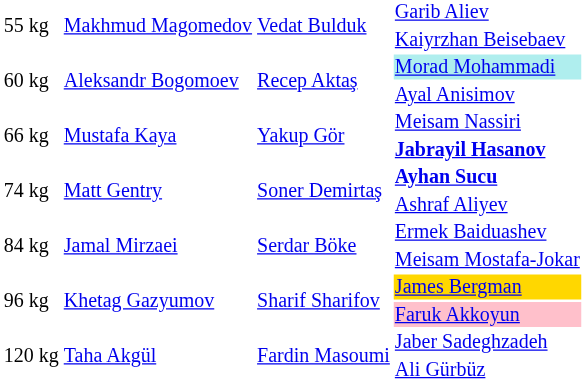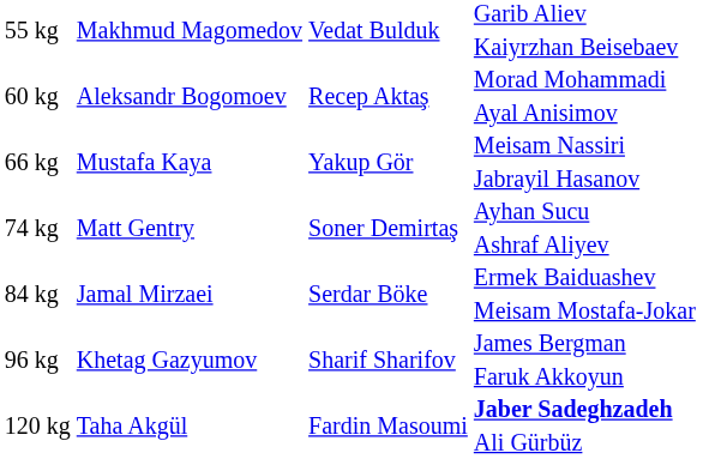 <table>
 <tr>
 <td rowspan=2>55 kg</td>
 <td rowspan=2> <a href='#'>Makhmud Magomedov</a></td>
 <td rowspan=2> <a href='#'>Vedat Bulduk</a></td>
 <td> <a href='#'>Garib Aliev</a></td>
 </tr>
 <tr>
 <td> <a href='#'>Kaiyrzhan Beisebaev</a></td>
 </tr>
 <tr>
 <td rowspan=2>60 kg</td>
 <td rowspan=2> <a href='#'>Aleksandr Bogomoev</a></td>
 <td rowspan=2> <a href='#'>Recep Aktaş</a></td>
-<td style="background: paleturquoise;"> <a href='#'>Morad Mohammadi</a></td>
+<td> <a href='#'>Morad Mohammadi</a></td>
 </tr>
 <tr>
 <td> <a href='#'>Ayal Anisimov</a></td>
 </tr>
 <tr>
 <td rowspan=2>66 kg</td>
 <td rowspan=2> <a href='#'>Mustafa Kaya</a></td>
 <td rowspan=2> <a href='#'>Yakup Gör</a></td>
 <td> <a href='#'>Meisam Nassiri</a></td>
 </tr>
 <tr>
-<td><strong> <a href='#'>Jabrayil Hasanov</a></strong></td>
+<td> <a href='#'>Jabrayil Hasanov</a></td>
 </tr>
 <tr>
 <td rowspan=2>74 kg</td>
 <td rowspan=2> <a href='#'>Matt Gentry</a></td>
 <td rowspan=2> <a href='#'>Soner Demirtaş</a></td>
-<td><strong> <a href='#'>Ayhan Sucu</a></strong></td>
+<td> <a href='#'>Ayhan Sucu</a></td>
 </tr>
 <tr>
 <td> <a href='#'>Ashraf Aliyev</a></td>
 </tr>
 <tr>
 <td rowspan=2>84 kg</td>
 <td rowspan=2> <a href='#'>Jamal Mirzaei</a></td>
 <td rowspan=2> <a href='#'>Serdar Böke</a></td>
 <td> <a href='#'>Ermek Baiduashev</a></td>
 </tr>
 <tr>
 <td> <a href='#'>Meisam Mostafa-Jokar</a></td>
 </tr>
 <tr>
 <td rowspan=2>96 kg</td>
 <td rowspan=2> <a href='#'>Khetag Gazyumov</a></td>
 <td rowspan=2> <a href='#'>Sharif Sharifov</a></td>
-<td style="background: gold;"> <a href='#'>James Bergman</a></td>
+<td> <a href='#'>James Bergman</a></td>
 </tr>
 <tr>
-<td style="background: pink;"> <a href='#'>Faruk Akkoyun</a></td>
+<td> <a href='#'>Faruk Akkoyun</a></td>
 </tr>
 <tr>
 <td rowspan=2>120 kg</td>
 <td rowspan=2> <a href='#'>Taha Akgül</a></td>
 <td rowspan=2> <a href='#'>Fardin Masoumi</a></td>
-<td> <a href='#'>Jaber Sadeghzadeh</a></td>
+<td><strong> <a href='#'>Jaber Sadeghzadeh</a></strong></td>
 </tr>
 <tr>
 <td> <a href='#'>Ali Gürbüz</a></td>
 </tr>
 <tr>
 </tr>
 </table>
